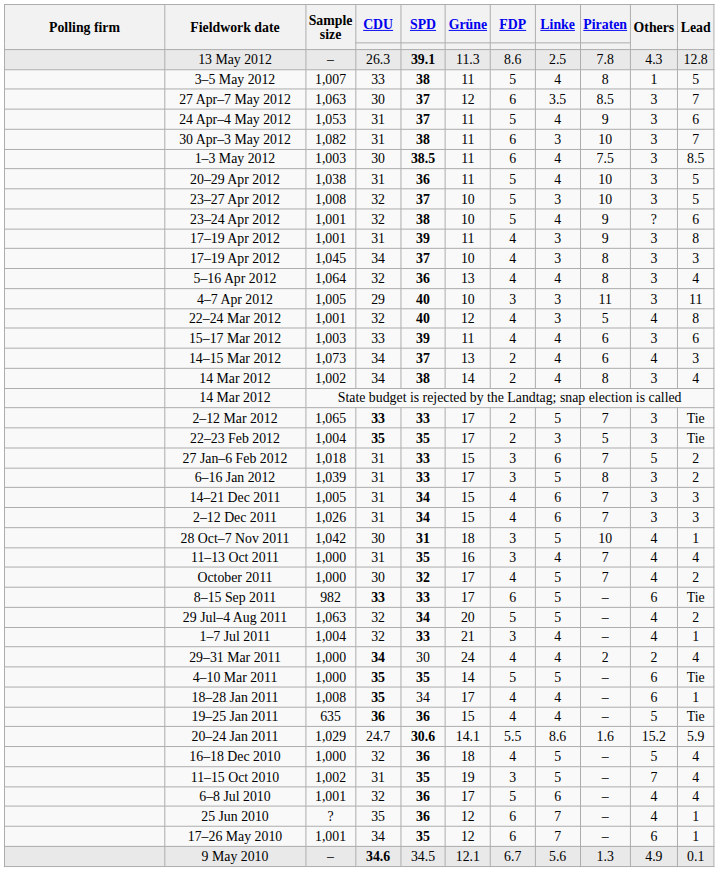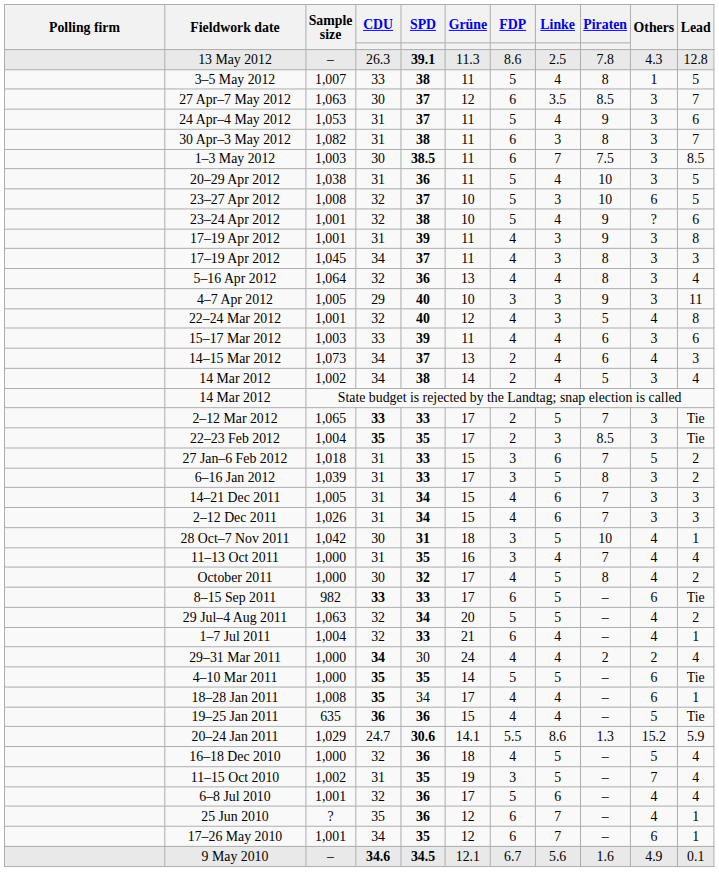 <table class="wikitable sortable" style="text-align:center;font-size:90%;line-height:14px;">
 <tr style="height:40px;">
 <th style="width:160px;" rowspan="2">Polling firm</th>
 <th style="width:140px;" rowspan="2">Fieldwork date</th>
 <th style="width:35px;" rowspan="2">Sample<br>size</th>
 <th class="unsortable" style="width:40px;"><a href='#'>CDU</a></th>
 <th class="unsortable" style="width:40px;"><a href='#'>SPD</a></th>
 <th class="unsortable" style="width:40px;"><a href='#'>Grüne</a></th>
 <th class="unsortable" style="width:40px;"><a href='#'>FDP</a></th>
 <th class="unsortable" style="width:40px;"><a href='#'>Linke</a></th>
 <th class="unsortable" style="width:40px;"><a href='#'>Piraten</a></th>
 <th class="unsortable" style="width:40px;" rowspan="2">Others</th>
 <th style="width:30px;" rowspan="2">Lead</th>
 </tr>
 <tr>
 <th style="background:"></th>
 <th style="background:"></th>
 <th style="background:"></th>
 <th style="background:"></th>
 <th style="background:"></th>
 <th style="background:"></th>
 </tr>
 <tr style="background:#E9E9E9;">
 <td></td>
 <td data-sort-value="2012-05-13">13 May 2012</td>
 <td>–</td>
 <td>26.3</td>
 <td><strong>39.1</strong></td>
 <td>11.3</td>
 <td>8.6</td>
 <td>2.5</td>
 <td>7.8</td>
 <td>4.3</td>
 <td style="background:">12.8</td>
 </tr>
 <tr>
 <td></td>
 <td data-sort-value="2012-05-11">3–5 May 2012</td>
 <td>1,007</td>
 <td>33</td>
 <td><strong>38</strong></td>
 <td>11</td>
 <td>5</td>
 <td>4</td>
 <td>8</td>
 <td>1</td>
 <td style="background:">5</td>
 </tr>
 <tr>
 <td></td>
 <td data-sort-value="2012-05-09">27 Apr–7 May 2012</td>
 <td>1,063</td>
 <td>30</td>
 <td><strong>37</strong></td>
 <td>12</td>
 <td>6</td>
 <td>3.5</td>
 <td>8.5</td>
 <td>3</td>
 <td style="background:">7</td>
 </tr>
 <tr>
 <td></td>
 <td data-sort-value="2012-05-07">24 Apr–4 May 2012</td>
 <td>1,053</td>
 <td>31</td>
 <td><strong>37</strong></td>
 <td>11</td>
 <td>5</td>
 <td>4</td>
 <td>9</td>
 <td>3</td>
 <td style="background:">6</td>
 </tr>
 <tr>
 <td></td>
 <td data-sort-value="2012-05-04">30 Apr–3 May 2012</td>
 <td>1,082</td>
 <td>31</td>
 <td><strong>38</strong></td>
 <td>11</td>
 <td>6</td>
 <td>3</td>
-<td>10</td>
+<td>8</td>
 <td>3</td>
 <td style="background:">7</td>
 </tr>
 <tr>
 <td></td>
 <td data-sort-value="2012-05-03">1–3 May 2012</td>
 <td>1,003</td>
 <td>30</td>
 <td><strong>38.5</strong></td>
 <td>11</td>
 <td>6</td>
-<td>4</td>
+<td>7</td>
 <td>7.5</td>
 <td>3</td>
 <td style="background:">8.5</td>
 </tr>
 <tr>
 <td></td>
 <td data-sort-value="2012-05-03">20–29 Apr 2012</td>
 <td>1,038</td>
 <td>31</td>
 <td><strong>36</strong></td>
 <td>11</td>
 <td>5</td>
 <td>4</td>
 <td>10</td>
 <td>3</td>
 <td style="background:">5</td>
 </tr>
 <tr>
 <td></td>
 <td data-sort-value="2012-05-02">23–27 Apr 2012</td>
 <td>1,008</td>
 <td>32</td>
 <td><strong>37</strong></td>
 <td>10</td>
 <td>5</td>
 <td>3</td>
 <td>10</td>
-<td>3</td>
+<td>6</td>
 <td style="background:">5</td>
 </tr>
 <tr>
 <td></td>
 <td data-sort-value="2012-04-27">23–24 Apr 2012</td>
 <td>1,001</td>
 <td>32</td>
 <td><strong>38</strong></td>
 <td>10</td>
 <td>5</td>
 <td>4</td>
 <td>9</td>
 <td>?</td>
 <td style="background:">6</td>
 </tr>
 <tr>
 <td></td>
 <td data-sort-value="2012-04-22">17–19 Apr 2012</td>
 <td>1,001</td>
 <td>31</td>
 <td><strong>39</strong></td>
 <td>11</td>
 <td>4</td>
 <td>3</td>
 <td>9</td>
 <td>3</td>
 <td style="background:">8</td>
 </tr>
 <tr>
 <td></td>
 <td data-sort-value="2012-04-20">17–19 Apr 2012</td>
 <td>1,045</td>
 <td>34</td>
 <td><strong>37</strong></td>
-<td>10</td>
+<td>11</td>
 <td>4</td>
 <td>3</td>
 <td>8</td>
 <td>3</td>
 <td style="background:">3</td>
 </tr>
 <tr>
 <td></td>
 <td data-sort-value="2012-04-18">5–16 Apr 2012</td>
 <td>1,064</td>
 <td>32</td>
 <td><strong>36</strong></td>
 <td>13</td>
 <td>4</td>
 <td>4</td>
 <td>8</td>
 <td>3</td>
 <td style="background:">4</td>
 </tr>
 <tr>
 <td></td>
 <td data-sort-value="2012-04-14">4–7 Apr 2012</td>
 <td>1,005</td>
 <td>29</td>
 <td><strong>40</strong></td>
 <td>10</td>
 <td>3</td>
 <td>3</td>
-<td>11</td>
+<td>9</td>
 <td>3</td>
 <td style="background:">11</td>
 </tr>
 <tr>
 <td></td>
 <td data-sort-value="2012-03-25">22–24 Mar 2012</td>
 <td>1,001</td>
 <td>32</td>
 <td><strong>40</strong></td>
 <td>12</td>
 <td>4</td>
 <td>3</td>
 <td>5</td>
 <td>4</td>
 <td style="background:">8</td>
 </tr>
 <tr>
 <td></td>
 <td data-sort-value="2012-03-21">15–17 Mar 2012</td>
 <td>1,003</td>
 <td>33</td>
 <td><strong>39</strong></td>
 <td>11</td>
 <td>4</td>
 <td>4</td>
 <td>6</td>
 <td>3</td>
 <td style="background:">6</td>
 </tr>
 <tr>
 <td></td>
 <td data-sort-value="2012-03-15">14–15 Mar 2012</td>
 <td>1,073</td>
 <td>34</td>
 <td><strong>37</strong></td>
 <td>13</td>
 <td>2</td>
 <td>4</td>
 <td>6</td>
 <td>4</td>
 <td style="background:">3</td>
 </tr>
 <tr>
 <td></td>
 <td data-sort-value="2012-03-14">14 Mar 2012</td>
 <td>1,002</td>
 <td>34</td>
 <td><strong>38</strong></td>
 <td>14</td>
 <td>2</td>
 <td>4</td>
-<td>8</td>
+<td>5</td>
 <td>3</td>
 <td style="background:">4</td>
 </tr>
 <tr>
 <td></td>
 <td>14 Mar 2012</td>
 <td colspan=9>State budget is rejected by the Landtag; snap election is called</td>
 </tr>
 <tr>
 <td></td>
 <td data-sort-value="2012-03-14">2–12 Mar 2012</td>
 <td>1,065</td>
 <td><strong>33</strong></td>
 <td><strong>33</strong></td>
 <td>17</td>
 <td>2</td>
 <td>5</td>
 <td>7</td>
 <td>3</td>
 <td data-sort-value="0">Tie</td>
 </tr>
 <tr>
 <td></td>
 <td data-sort-value="2012-02-26">22–23 Feb 2012</td>
 <td>1,004</td>
 <td><strong>35</strong></td>
 <td><strong>35</strong></td>
 <td>17</td>
 <td>2</td>
 <td>3</td>
-<td>5</td>
+<td>8.5</td>
 <td>3</td>
 <td data-sort-value="0">Tie</td>
 </tr>
 <tr>
 <td></td>
 <td data-sort-value="2012-02-08">27 Jan–6 Feb 2012</td>
 <td>1,018</td>
 <td>31</td>
 <td><strong>33</strong></td>
 <td>15</td>
 <td>3</td>
 <td>6</td>
 <td>7</td>
 <td>5</td>
 <td style="background:">2</td>
 </tr>
 <tr>
 <td></td>
 <td data-sort-value="2012-01-19">6–16 Jan 2012</td>
 <td>1,039</td>
 <td>31</td>
 <td><strong>33</strong></td>
 <td>17</td>
 <td>3</td>
 <td>5</td>
 <td>8</td>
 <td>3</td>
 <td style="background:">2</td>
 </tr>
 <tr>
 <td></td>
 <td data-sort-value="2011-12-27">14–21 Dec 2011</td>
 <td>1,005</td>
 <td>31</td>
 <td><strong>34</strong></td>
 <td>15</td>
 <td>4</td>
 <td>6</td>
 <td>7</td>
 <td>3</td>
 <td style="background:">3</td>
 </tr>
 <tr>
 <td></td>
 <td data-sort-value="2011-12-15">2–12 Dec 2011</td>
 <td>1,026</td>
 <td>31</td>
 <td><strong>34</strong></td>
 <td>15</td>
 <td>4</td>
 <td>6</td>
 <td>7</td>
 <td>3</td>
 <td style="background:">3</td>
 </tr>
 <tr>
 <td></td>
 <td data-sort-value="2011-11-10">28 Oct–7 Nov 2011</td>
 <td>1,042</td>
 <td>30</td>
 <td><strong>31</strong></td>
 <td>18</td>
 <td>3</td>
 <td>5</td>
 <td>10</td>
 <td>4</td>
 <td style="background:">1</td>
 </tr>
 <tr>
 <td></td>
 <td data-sort-value="2011-10-16">11–13 Oct 2011</td>
 <td>1,000</td>
 <td>31</td>
 <td><strong>35</strong></td>
 <td>16</td>
 <td>3</td>
 <td>4</td>
 <td>7</td>
 <td>4</td>
 <td style="background:">4</td>
 </tr>
 <tr>
 <td></td>
 <td data-sort-value="2011-10-12">October 2011</td>
 <td>1,000</td>
 <td>30</td>
 <td><strong>32</strong></td>
 <td>17</td>
 <td>4</td>
 <td>5</td>
-<td>7</td>
+<td>8</td>
 <td>4</td>
 <td style="background:">2</td>
 </tr>
 <tr>
 <td></td>
 <td data-sort-value="2011-09-20">8–15 Sep 2011</td>
 <td>982</td>
 <td><strong>33</strong></td>
 <td><strong>33</strong></td>
 <td>17</td>
 <td>6</td>
 <td>5</td>
 <td>–</td>
 <td>6</td>
 <td data-sort-value="0">Tie</td>
 </tr>
 <tr>
 <td></td>
 <td data-sort-value="2011-08-07">29 Jul–4 Aug 2011</td>
 <td>1,063</td>
 <td>32</td>
 <td><strong>34</strong></td>
 <td>20</td>
 <td>5</td>
 <td>5</td>
 <td>–</td>
 <td>4</td>
 <td style="background:">2</td>
 </tr>
 <tr>
 <td></td>
 <td data-sort-value="2011-07-13">1–7 Jul 2011</td>
 <td>1,004</td>
 <td>32</td>
 <td><strong>33</strong></td>
 <td>21</td>
-<td>3</td>
+<td>6</td>
 <td>4</td>
 <td>–</td>
 <td>4</td>
 <td style="background:">1</td>
 </tr>
 <tr>
 <td></td>
 <td data-sort-value="2011-04-03">29–31 Mar 2011</td>
 <td>1,000</td>
 <td><strong>34</strong></td>
 <td>30</td>
 <td>24</td>
 <td>4</td>
 <td>4</td>
 <td>2</td>
 <td>2</td>
 <td style="background:">4</td>
 </tr>
 <tr>
 <td></td>
 <td data-sort-value="2011-03-13">4–10 Mar 2011</td>
 <td>1,000</td>
 <td><strong>35</strong></td>
 <td><strong>35</strong></td>
 <td>14</td>
 <td>5</td>
 <td>5</td>
 <td>–</td>
 <td>6</td>
 <td data-sort-value="0">Tie</td>
 </tr>
 <tr>
 <td></td>
 <td data-sort-value="2011-02-02">18–28 Jan 2011</td>
 <td>1,008</td>
 <td><strong>35</strong></td>
 <td>34</td>
 <td>17</td>
 <td>4</td>
 <td>4</td>
 <td>–</td>
 <td>6</td>
 <td style="background:">1</td>
 </tr>
 <tr>
 <td></td>
 <td data-sort-value="2011-01-29">19–25 Jan 2011</td>
 <td>635</td>
 <td><strong>36</strong></td>
 <td><strong>36</strong></td>
 <td>15</td>
 <td>4</td>
 <td>4</td>
 <td>–</td>
 <td>5</td>
 <td data-sort-value="0">Tie</td>
 </tr>
 <tr>
 <td></td>
 <td data-sort-value="2011-01-25">20–24 Jan 2011</td>
 <td>1,029</td>
 <td>24.7</td>
 <td><strong>30.6</strong></td>
 <td>14.1</td>
 <td>5.5</td>
 <td>8.6</td>
-<td>1.6</td>
+<td>1.3</td>
 <td>15.2</td>
 <td style="background:">5.9</td>
 </tr>
 <tr>
 <td></td>
 <td data-sort-value="2010-12-19">16–18 Dec 2010</td>
 <td>1,000</td>
 <td>32</td>
 <td><strong>36</strong></td>
 <td>18</td>
 <td>4</td>
 <td>5</td>
 <td>–</td>
 <td>5</td>
 <td style="background:">4</td>
 </tr>
 <tr>
 <td></td>
 <td data-sort-value="2010-10-20">11–15 Oct 2010</td>
 <td>1,002</td>
 <td>31</td>
 <td><strong>35</strong></td>
 <td>19</td>
 <td>3</td>
 <td>5</td>
 <td>–</td>
 <td>7</td>
 <td style="background:">4</td>
 </tr>
 <tr>
 <td></td>
 <td data-sort-value="2010-07-11">6–8 Jul 2010</td>
 <td>1,001</td>
 <td>32</td>
 <td><strong>36</strong></td>
 <td>17</td>
 <td>5</td>
 <td>6</td>
 <td>–</td>
 <td>4</td>
 <td style="background:">4</td>
 </tr>
 <tr>
 <td></td>
 <td data-sort-value="2010-06-25">25 Jun 2010</td>
 <td>?</td>
 <td>35</td>
 <td><strong>36</strong></td>
 <td>12</td>
 <td>6</td>
 <td>7</td>
 <td>–</td>
 <td>4</td>
 <td style="background:">1</td>
 </tr>
 <tr>
 <td></td>
 <td data-sort-value="2010-05-27">17–26 May 2010</td>
 <td>1,001</td>
 <td>34</td>
 <td><strong>35</strong></td>
 <td>12</td>
 <td>6</td>
 <td>7</td>
 <td>–</td>
 <td>6</td>
 <td style="background:">1</td>
 </tr>
 <tr style="background:#E9E9E9;">
 <td></td>
 <td data-sort-value="2010-05-09">9 May 2010</td>
 <td>–</td>
 <td><strong>34.6</strong></td>
-<td>34.5</td>
+<td><strong>34.5</strong></td>
 <td>12.1</td>
 <td>6.7</td>
 <td>5.6</td>
-<td>1.3</td>
+<td>1.6</td>
 <td>4.9</td>
 <td style="background:">0.1</td>
 </tr>
 </table>
